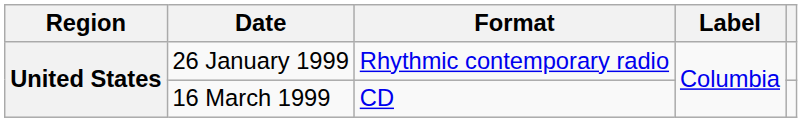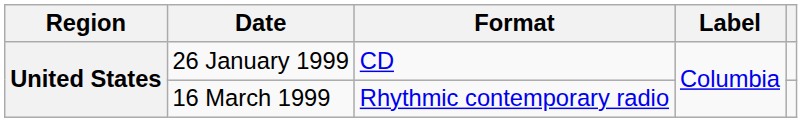 <table class="wikitable plainrowheaders">
 <tr>
 <th>Region</th>
 <th>Date</th>
 <th>Format</th>
 <th>Label</th>
 <th></th>
 </tr>
 <tr>
 <th rowspan="2" scope="row">United States</th>
 <td>26 January 1999</td>
-<td><a href='#'>Rhythmic contemporary radio</a></td>
+<td><a href='#'>CD</a></td>
 <td rowspan="2"><a href='#'>Columbia</a></td>
 <td align="center"></td>
 </tr>
 <tr>
 <td>16 March 1999</td>
-<td><a href='#'>CD</a></td>
+<td><a href='#'>Rhythmic contemporary radio</a></td>
 <td align="center"></td>
 </tr>
 </table>
